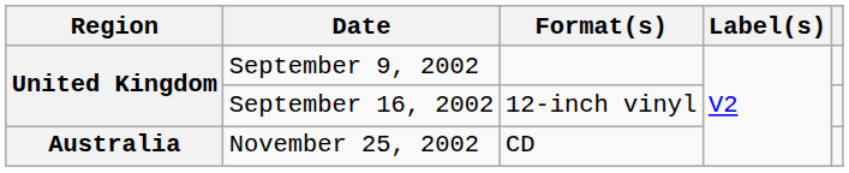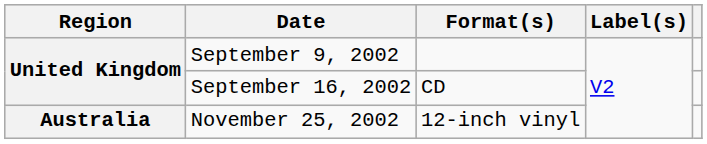 <table class="wikitable plainrowheaders">
 <tr>
 <th scope="col">Region</th>
 <th scope="col">Date</th>
 <th scope="col">Format(s)</th>
 <th scope="col">Label(s)</th>
 <th scope="col"></th>
 </tr>
 <tr>
 <th scope="row" rowspan="2">United Kingdom</th>
 <td>September 9, 2002</td>
 <td></td>
 <td rowspan="3"><a href='#'>V2</a></td>
 <td align="center"></td>
 </tr>
 <tr>
 <td>September 16, 2002</td>
-<td>12-inch vinyl</td>
+<td>CD</td>
 <td align="center"></td>
 </tr>
 <tr>
 <th scope="row">Australia</th>
 <td>November 25, 2002</td>
-<td>CD</td>
+<td>12-inch vinyl</td>
 <td align="center"></td>
 </tr>
 </table>
